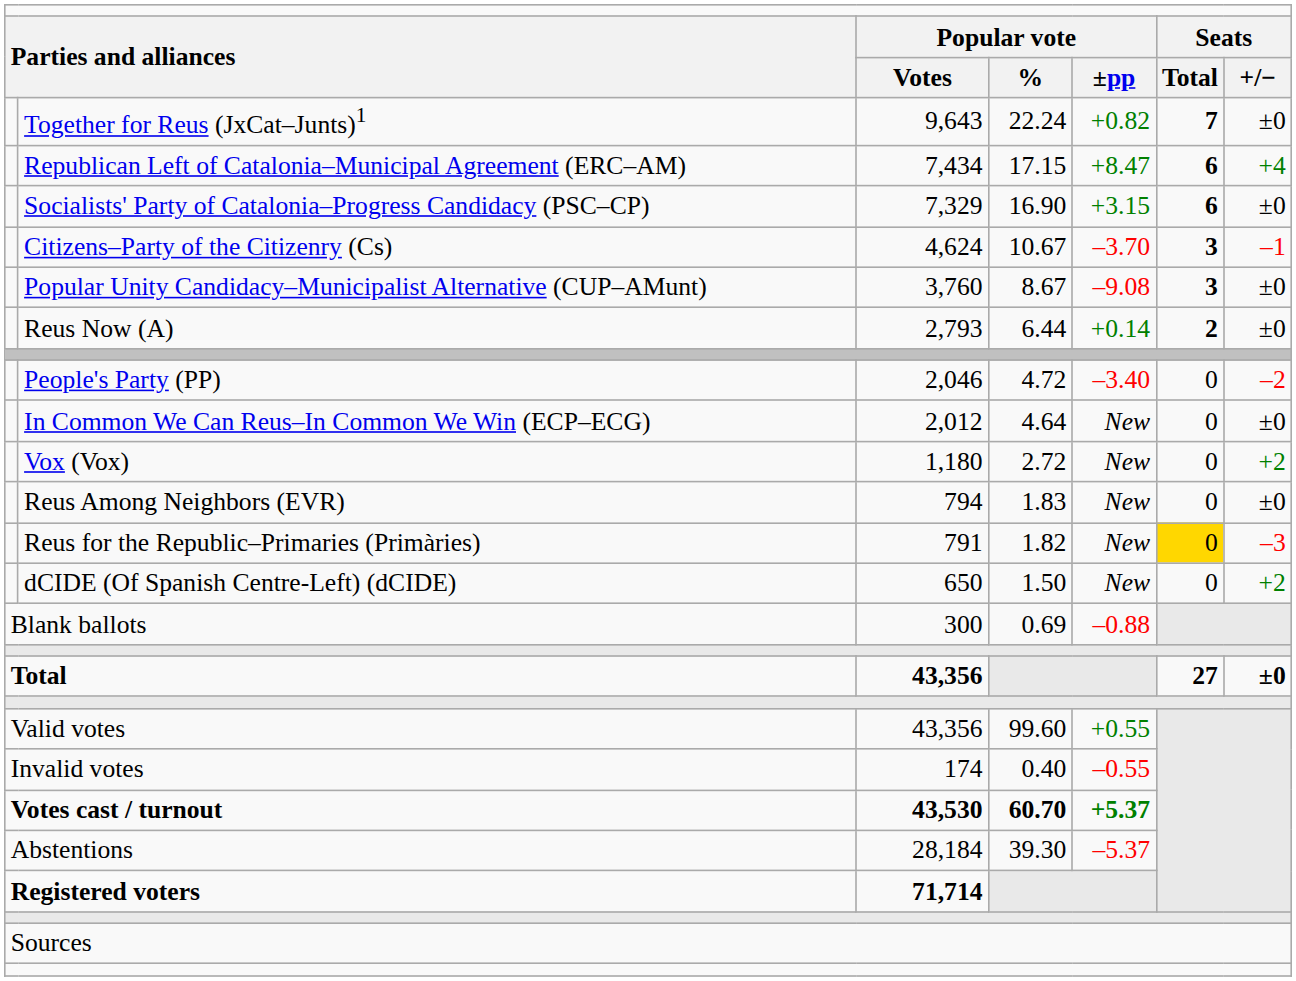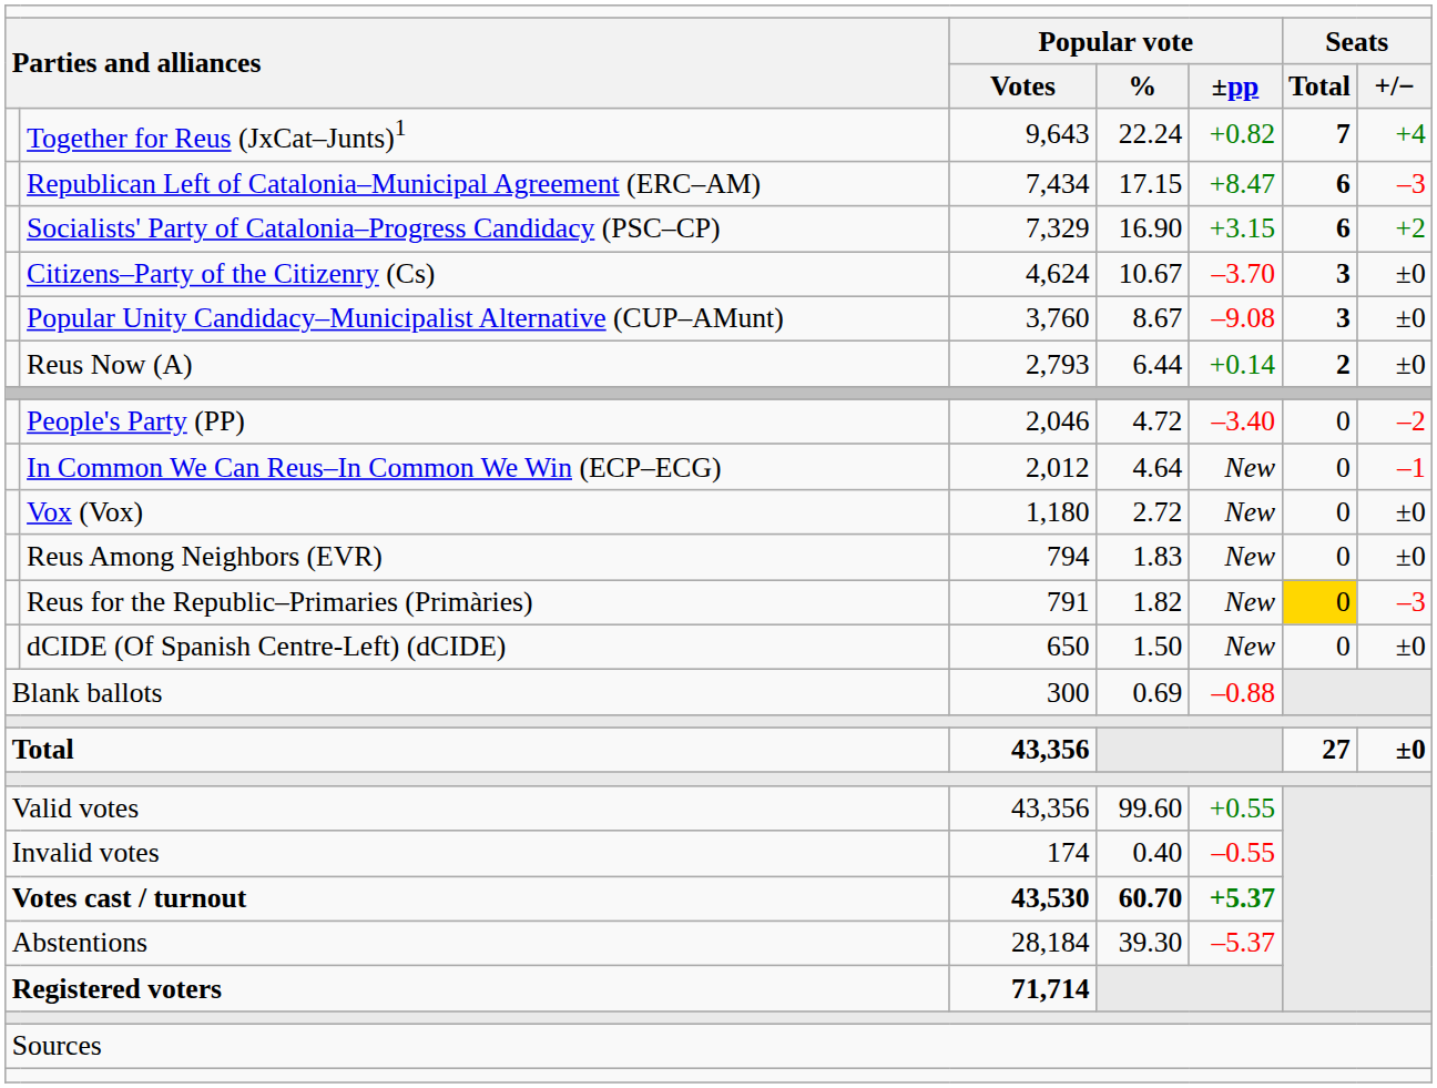 <table class="wikitable" style="text-align:right;">
 <tr>
 <td colspan="7"></td>
 </tr>
 <tr>
 <th style="text-align:left;" rowspan="2" colspan="2" width="525">Parties and alliances</th>
 <th colspan="3">Popular vote</th>
 <th colspan="2">Seats</th>
 </tr>
 <tr>
 <th width="75">Votes</th>
 <th width="45">%</th>
 <th width="45">±<a href='#'>pp</a></th>
 <th width="35">Total</th>
 <th width="35">+/−</th>
 </tr>
 <tr>
 <td width="1" style="color:inherit;background:"></td>
 <td align="left"><a href='#'>Together for Reus</a> (JxCat–Junts)<sup>1</sup></td>
 <td>9,643</td>
 <td>22.24</td>
 <td style="color:green;">+0.82</td>
 <td><strong>7</strong></td>
-<td>±0</td>
+<td style="color:green;">+4</td>
 </tr>
 <tr>
 <td style="color:inherit;background:"></td>
 <td align="left"><a href='#'>Republican Left of Catalonia–Municipal Agreement</a> (ERC–AM)</td>
 <td>7,434</td>
 <td>17.15</td>
 <td style="color:green;">+8.47</td>
 <td><strong>6</strong></td>
-<td style="color:green;">+4</td>
+<td style="color:red;">–3</td>
 </tr>
 <tr>
 <td style="color:inherit;background:"></td>
 <td align="left"><a href='#'>Socialists' Party of Catalonia–Progress Candidacy</a> (PSC–CP)</td>
 <td>7,329</td>
 <td>16.90</td>
 <td style="color:green;">+3.15</td>
 <td><strong>6</strong></td>
-<td>±0</td>
+<td style="color:green;">+2</td>
 </tr>
 <tr>
 <td style="color:inherit;background:"></td>
 <td align="left"><a href='#'>Citizens–Party of the Citizenry</a> (Cs)</td>
 <td>4,624</td>
 <td>10.67</td>
 <td style="color:red;">–3.70</td>
 <td><strong>3</strong></td>
-<td style="color:red;">–1</td>
+<td>±0</td>
 </tr>
 <tr>
 <td style="color:inherit;background:"></td>
 <td align="left"><a href='#'>Popular Unity Candidacy–Municipalist Alternative</a> (CUP–AMunt)</td>
 <td>3,760</td>
 <td>8.67</td>
 <td style="color:red;">–9.08</td>
 <td><strong>3</strong></td>
 <td>±0</td>
 </tr>
 <tr>
 <td style="color:inherit;background:"></td>
 <td align="left">Reus Now (A)</td>
 <td>2,793</td>
 <td>6.44</td>
 <td style="color:green;">+0.14</td>
 <td><strong>2</strong></td>
 <td>±0</td>
 </tr>
 <tr>
 <td colspan="7" bgcolor="#C0C0C0"></td>
 </tr>
 <tr>
 <td style="color:inherit;background:"></td>
 <td align="left"><a href='#'>People's Party</a> (PP)</td>
 <td>2,046</td>
 <td>4.72</td>
 <td style="color:red;">–3.40</td>
 <td>0</td>
 <td style="color:red;">–2</td>
 </tr>
 <tr>
 <td style="color:inherit;background:"></td>
 <td align="left"><a href='#'>In Common We Can Reus–In Common We Win</a> (ECP–ECG)</td>
 <td>2,012</td>
 <td>4.64</td>
 <td><em>New</em></td>
 <td>0</td>
-<td>±0</td>
+<td style="color:red;">–1</td>
 </tr>
 <tr>
 <td style="color:inherit;background:"></td>
 <td align="left"><a href='#'>Vox</a> (Vox)</td>
 <td>1,180</td>
 <td>2.72</td>
 <td><em>New</em></td>
 <td>0</td>
-<td style="color:green;">+2</td>
+<td>±0</td>
 </tr>
 <tr>
 <td style="color:inherit;background:"></td>
 <td align="left">Reus Among Neighbors (EVR)</td>
 <td>794</td>
 <td>1.83</td>
 <td><em>New</em></td>
 <td>0</td>
 <td>±0</td>
 </tr>
 <tr>
 <td style="color:inherit;background:"></td>
 <td align="left">Reus for the Republic–Primaries (Primàries)</td>
 <td>791</td>
 <td>1.82</td>
 <td><em>New</em></td>
 <td style="background: gold;">0</td>
 <td style="color:red;">–3</td>
 </tr>
 <tr>
 <td style="color:inherit;background:"></td>
 <td align="left">dCIDE (Of Spanish Centre-Left) (dCIDE)</td>
 <td>650</td>
 <td>1.50</td>
 <td><em>New</em></td>
 <td>0</td>
-<td style="color:green;">+2</td>
+<td>±0</td>
 </tr>
 <tr>
 <td align="left" colspan="2">Blank ballots</td>
 <td>300</td>
 <td>0.69</td>
 <td style="color:red;">–0.88</td>
 <td bgcolor="#E9E9E9" colspan="2"></td>
 </tr>
 <tr>
 <td colspan="7" bgcolor="#E9E9E9"></td>
 </tr>
 <tr style="font-weight:bold;">
 <td align="left" colspan="2">Total</td>
 <td>43,356</td>
 <td bgcolor="#E9E9E9" colspan="2"></td>
 <td>27</td>
 <td>±0</td>
 </tr>
 <tr>
 <td colspan="7" bgcolor="#E9E9E9"></td>
 </tr>
 <tr>
 <td align="left" colspan="2">Valid votes</td>
 <td>43,356</td>
 <td>99.60</td>
 <td style="color:green;">+0.55</td>
 <td bgcolor="#E9E9E9" colspan="2" rowspan="5"></td>
 </tr>
 <tr>
 <td align="left" colspan="2">Invalid votes</td>
 <td>174</td>
 <td>0.40</td>
 <td style="color:red;">–0.55</td>
 </tr>
 <tr style="font-weight:bold;">
 <td align="left" colspan="2">Votes cast / turnout</td>
 <td>43,530</td>
 <td>60.70</td>
 <td style="color:green;">+5.37</td>
 </tr>
 <tr>
 <td align="left" colspan="2">Abstentions</td>
 <td>28,184</td>
 <td>39.30</td>
 <td style="color:red;">–5.37</td>
 </tr>
 <tr style="font-weight:bold;">
 <td align="left" colspan="2">Registered voters</td>
 <td>71,714</td>
 <td bgcolor="#E9E9E9" colspan="2"></td>
 </tr>
 <tr>
 <td colspan="7" bgcolor="#E9E9E9"></td>
 </tr>
 <tr>
 <td align="left" colspan="7">Sources</td>
 </tr>
 <tr>
 <td colspan="7" style="text-align:left; max-width:790px;"></td>
 </tr>
 </table>
